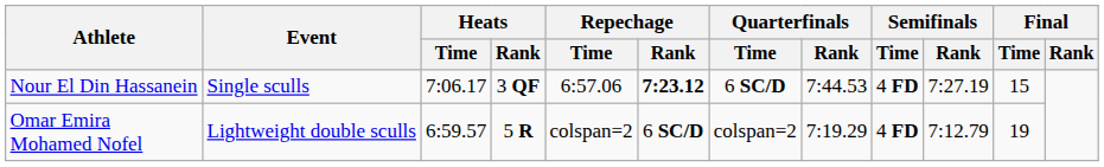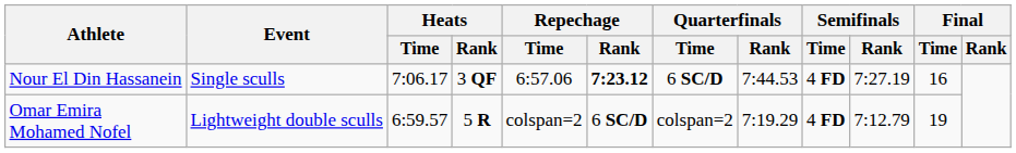 <table class="wikitable" style="font-size:90%">
 <tr>
 <th scope="col" rowspan="2">Athlete</th>
 <th scope="col" rowspan="2">Event</th>
 <th scope="col" colspan="2">Heats</th>
 <th scope="col" colspan="2">Repechage</th>
 <th scope="col" colspan=2>Quarterfinals</th>
 <th scope="col" colspan="2">Semifinals</th>
 <th scope="col" colspan="2">Final</th>
 </tr>
 <tr style="font-size:95%">
 <th scope="col">Time</th>
 <th scope="col">Rank</th>
 <th scope="col">Time</th>
 <th scope="col">Rank</th>
 <th scope="col">Time</th>
 <th scope="col">Rank</th>
 <th scope="col">Time</th>
 <th scope="col">Rank</th>
 <th scope="col">Time</th>
 <th scope="col">Rank</th>
 </tr>
 <tr align=center>
 <td align=left><a href='#'>Nour El Din Hassanein</a></td>
 <td align=left><a href='#'>Single sculls</a></td>
 <td>7:06.17</td>
 <td>3 <strong>QF</strong></td>
 <td>6:57.06</td>
 <td><strong>7:23.12</strong></td>
 <td>6 <strong>SC/D</strong></td>
 <td>7:44.53</td>
 <td>4 <strong>FD</strong></td>
 <td>7:27.19</td>
-<td>15</td>
+<td>16</td>
 </tr>
 <tr align=center>
 <td align=left><a href='#'>Omar Emira</a><br><a href='#'>Mohamed Nofel</a></td>
 <td align=left><a href='#'>Lightweight double sculls</a></td>
 <td>6:59.57</td>
 <td>5 <strong>R</strong></td>
 <td>colspan=2 </td>
 <td>6 <strong>SC/D</strong></td>
 <td>colspan=2 </td>
 <td>7:19.29</td>
 <td>4 <strong>FD</strong></td>
 <td>7:12.79</td>
 <td>19</td>
 </tr>
 </table>
